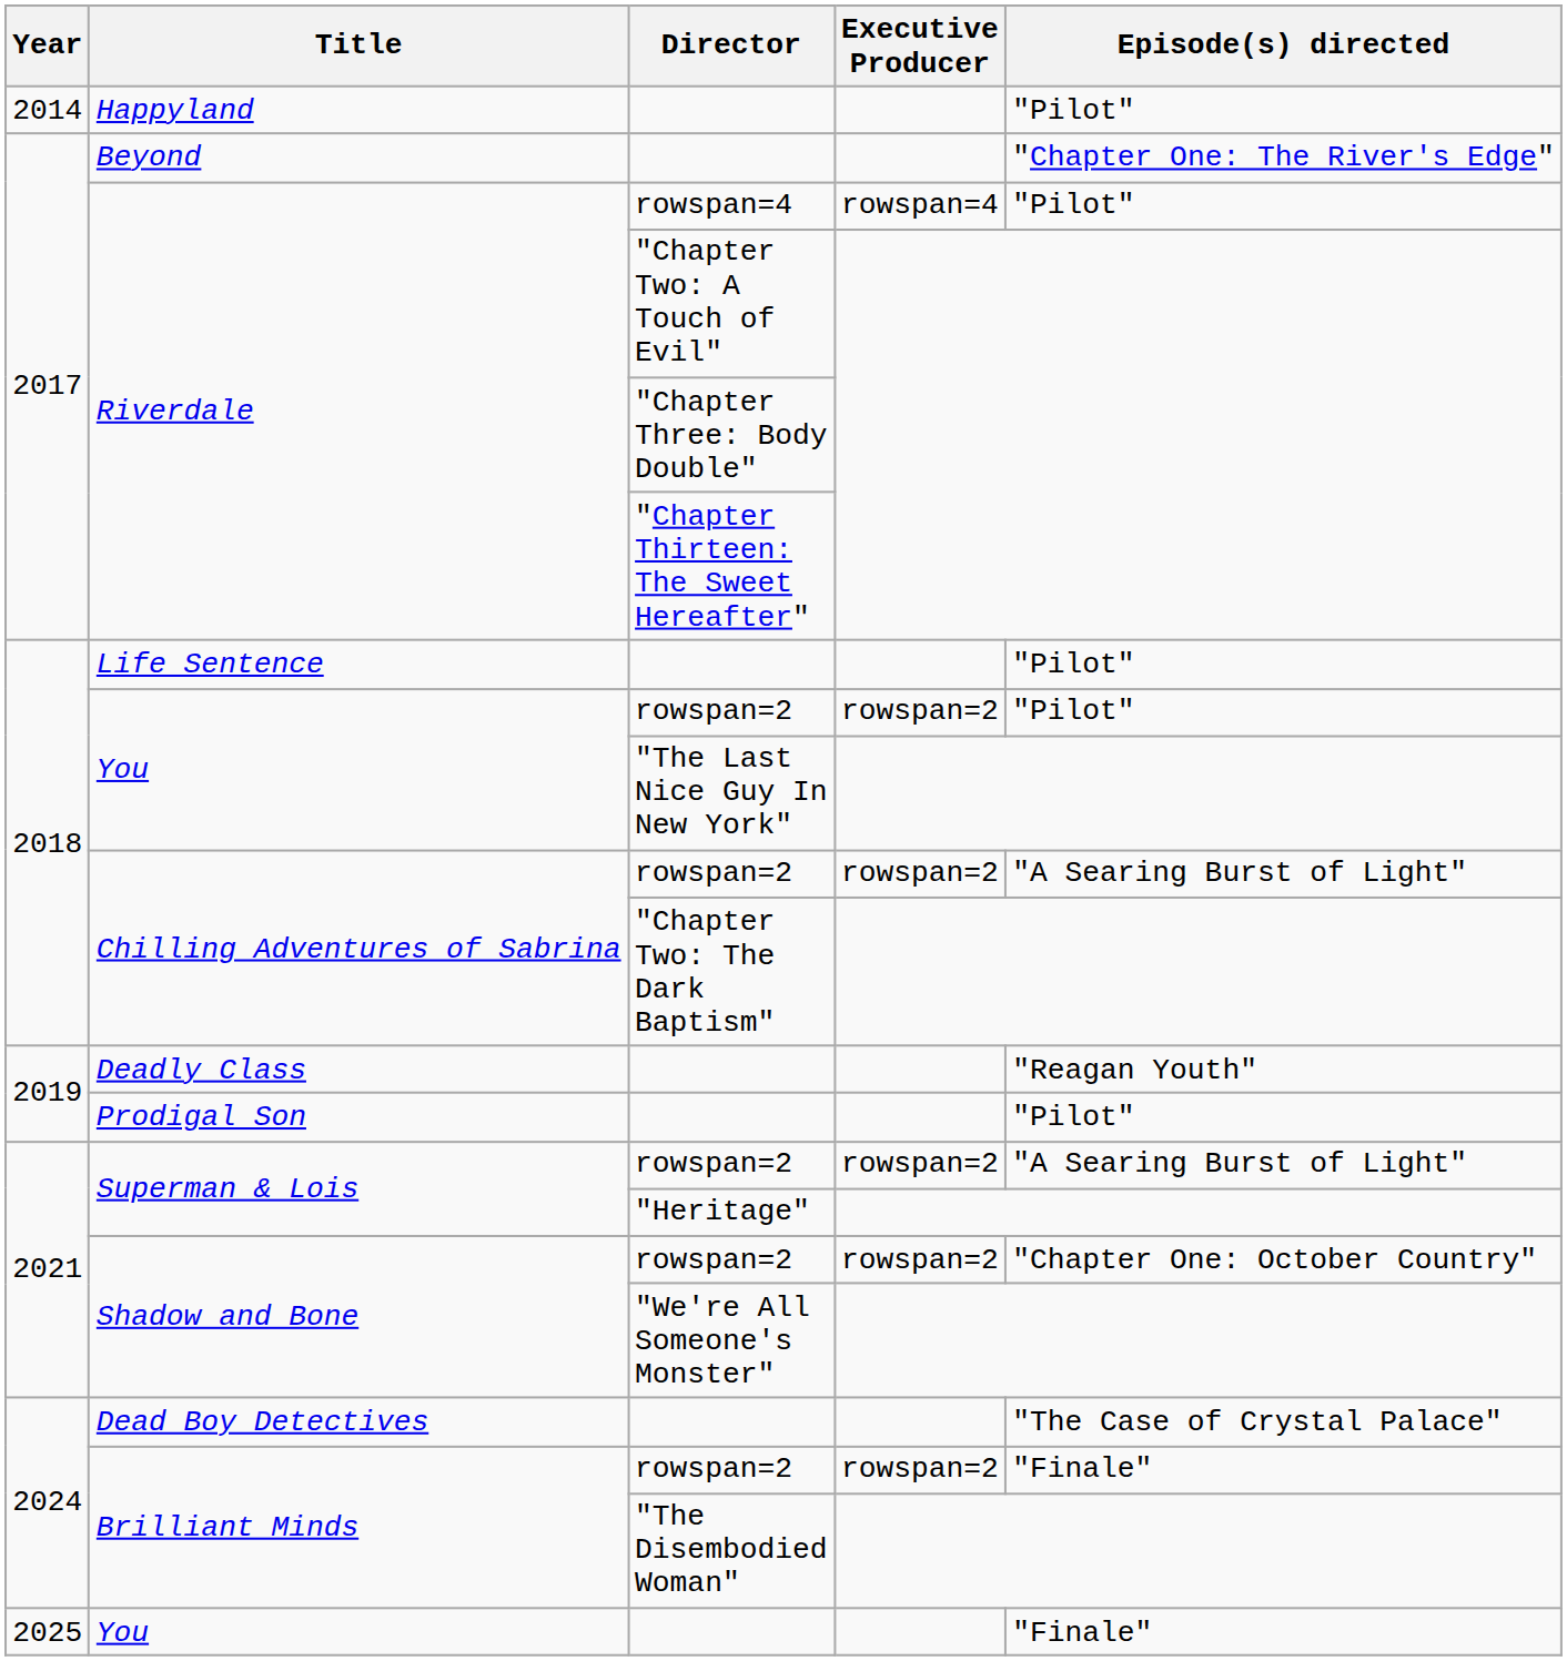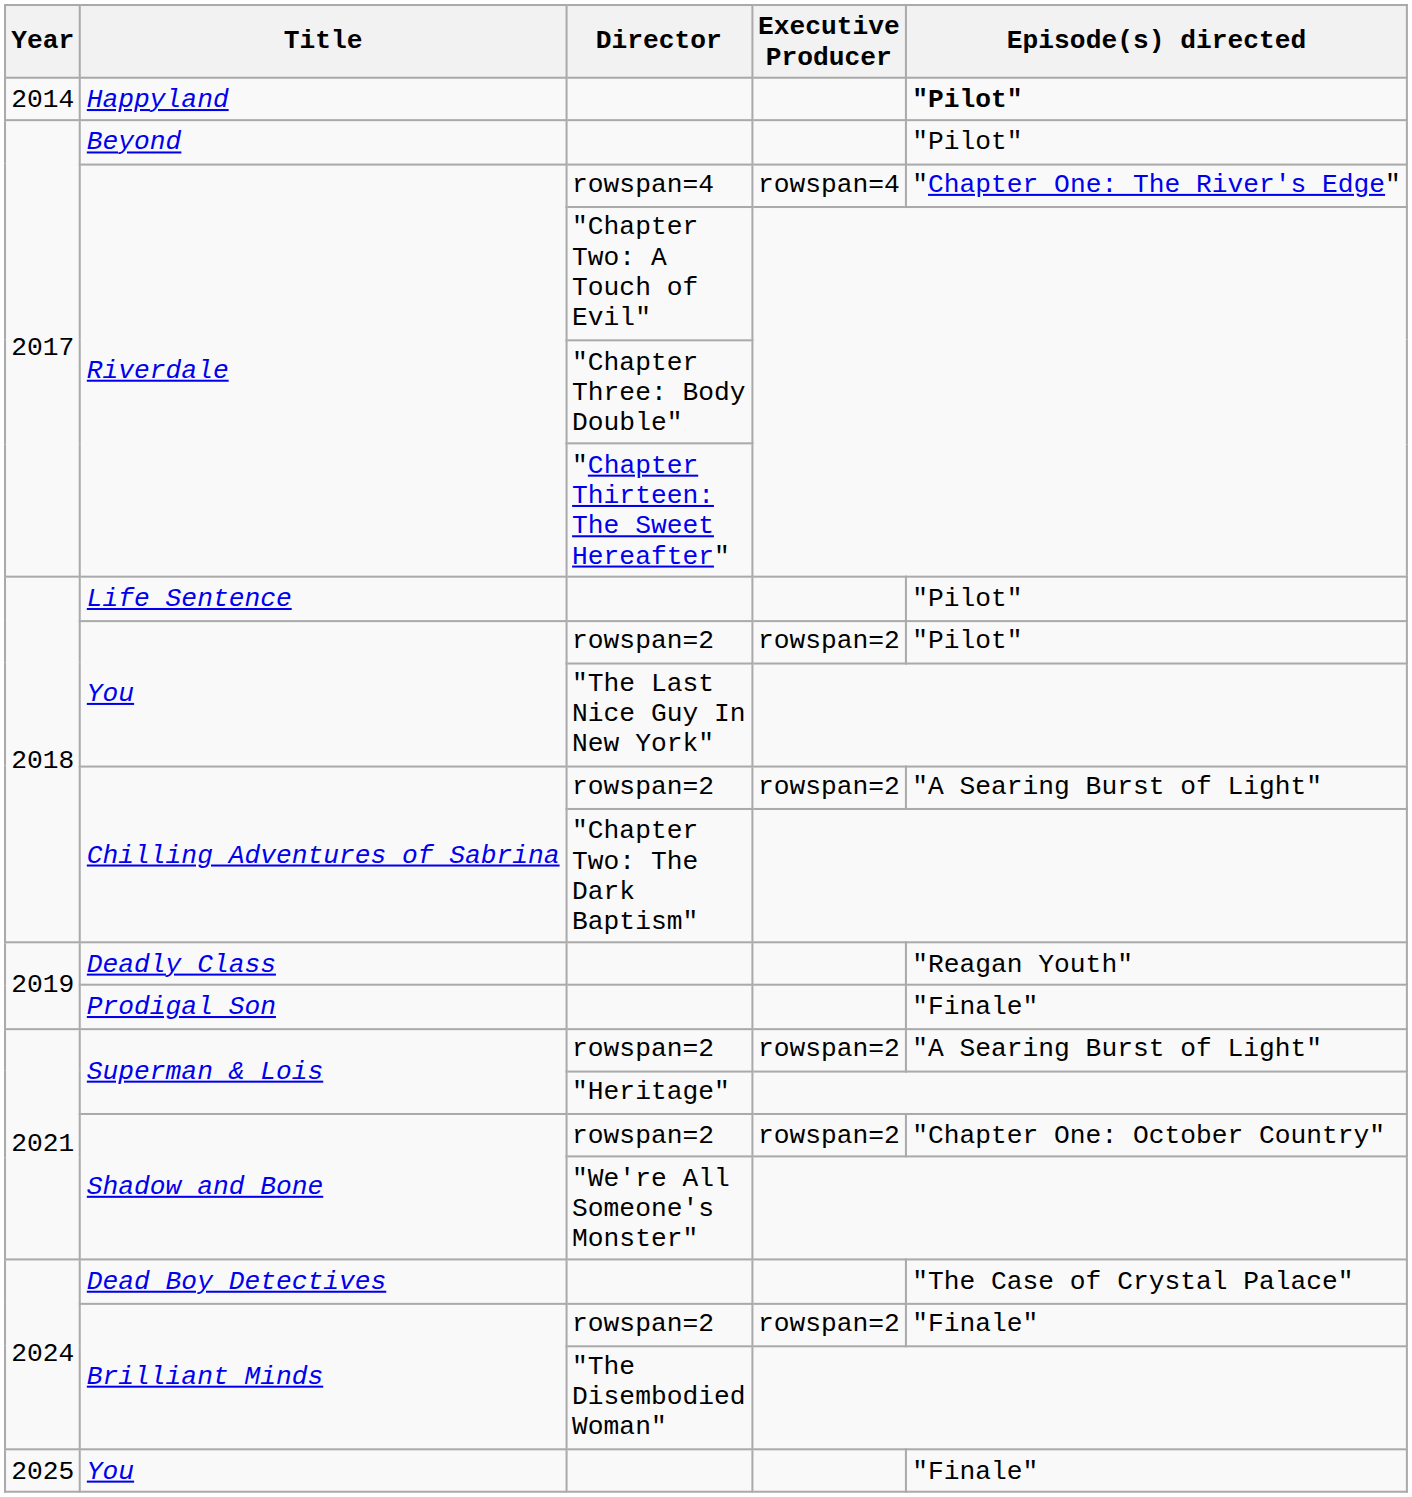 <table class="wikitable">
 <tr>
 <th>Year</th>
 <th>Title</th>
 <th width=65>Director</th>
 <th width=65>Executive<br>Producer</th>
 <th>Episode(s) directed</th>
 </tr>
 <tr>
 <td>2014</td>
 <td><em><a href='#'>Happyland</a></em></td>
 <td></td>
 <td></td>
-<td>"Pilot"</td>
+<td><strong>"Pilot"</strong></td>
 </tr>
 <tr>
 <td rowspan="5">2017</td>
 <td><em><a href='#'>Beyond</a></em></td>
 <td></td>
 <td></td>
-<td>"<a href='#'>Chapter One: The River's Edge</a>"</td>
+<td>"Pilot"</td>
 </tr>
 <tr>
 <td rowspan=4><em><a href='#'>Riverdale</a></em></td>
 <td>rowspan=4 </td>
 <td>rowspan=4 </td>
-<td>"Pilot"</td>
+<td>"<a href='#'>Chapter One: The River's Edge</a>"</td>
 </tr>
 <tr>
 <td>"Chapter Two: A Touch of Evil"</td>
 </tr>
 <tr>
 <td>"Chapter Three: Body Double"</td>
 </tr>
 <tr>
 <td>"<a href='#'>Chapter Thirteen: The Sweet Hereafter</a>"</td>
 </tr>
 <tr>
 <td rowspan="5">2018</td>
 <td><em><a href='#'>Life Sentence</a></em></td>
 <td></td>
 <td></td>
 <td>"Pilot"</td>
 </tr>
 <tr>
 <td rowspan=2><em><a href='#'>You</a></em></td>
 <td>rowspan=2 </td>
 <td>rowspan=2 </td>
 <td>"Pilot"</td>
 </tr>
 <tr>
 <td>"The Last Nice Guy In New York"</td>
 </tr>
 <tr>
 <td rowspan=2><em><a href='#'>Chilling Adventures of Sabrina</a></em></td>
 <td>rowspan=2 </td>
 <td>rowspan=2 </td>
 <td>"A Searing Burst of Light"</td>
 </tr>
 <tr>
 <td>"Chapter Two: The Dark Baptism"</td>
 </tr>
 <tr>
 <td rowspan=2>2019</td>
 <td><em><a href='#'>Deadly Class</a></em></td>
 <td></td>
 <td></td>
 <td>"Reagan Youth"</td>
 </tr>
 <tr>
 <td><em><a href='#'>Prodigal Son</a></em></td>
 <td></td>
 <td></td>
-<td>"Pilot"</td>
+<td>"Finale"</td>
 </tr>
 <tr>
 <td rowspan=4>2021</td>
 <td rowspan=2><em><a href='#'>Superman & Lois</a></em></td>
 <td>rowspan=2 </td>
 <td>rowspan=2 </td>
 <td>"A Searing Burst of Light"</td>
 </tr>
 <tr>
 <td>"Heritage"</td>
 </tr>
 <tr>
 <td rowspan=2><em><a href='#'>Shadow and Bone</a></em></td>
 <td>rowspan=2 </td>
 <td>rowspan=2 </td>
 <td>"Chapter One: October Country"</td>
 </tr>
 <tr>
 <td>"We're All Someone's Monster"</td>
 </tr>
 <tr>
 <td rowspan=3>2024</td>
 <td><em><a href='#'>Dead Boy Detectives</a></em></td>
 <td></td>
 <td></td>
 <td>"The Case of Crystal Palace"</td>
 </tr>
 <tr>
 <td rowspan=2><em><a href='#'>Brilliant Minds</a></em></td>
 <td>rowspan=2 </td>
 <td>rowspan=2 </td>
 <td>"Finale"</td>
 </tr>
 <tr>
 <td>"The Disembodied Woman"</td>
 </tr>
 <tr>
 <td>2025</td>
 <td><em><a href='#'>You</a></em></td>
 <td></td>
 <td></td>
 <td>"Finale"</td>
 </tr>
 </table>
